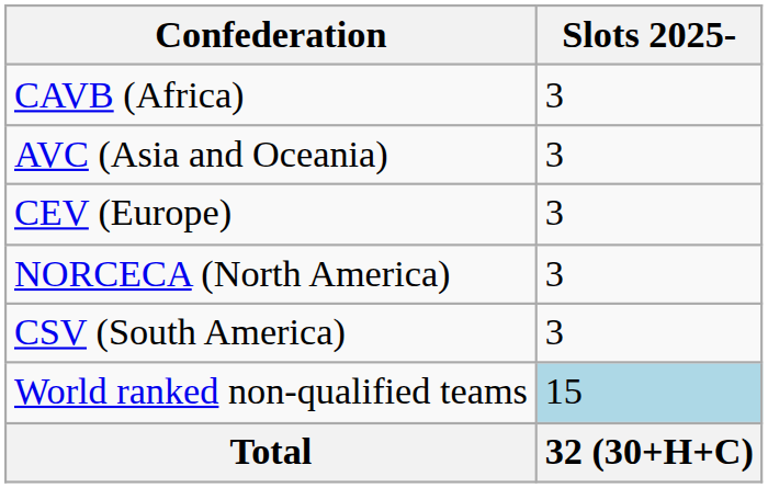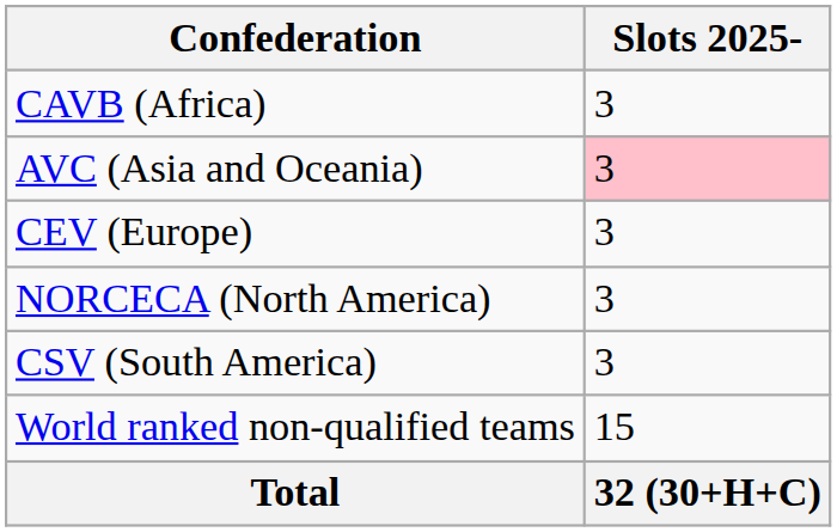 <table class="wikitable">
 <tr>
 <th>Confederation</th>
 <th>Slots 2025-</th>
 </tr>
 <tr>
 <td style="text-align:left;"><a href='#'>CAVB</a> (Africa)</td>
 <td>3</td>
 </tr>
 <tr>
 <td style="text-align:left;"><a href='#'>AVC</a> (Asia and Oceania)</td>
-<td>3</td>
+<td style="background: pink;">3</td>
 </tr>
 <tr>
 <td style="text-align:left;"><a href='#'>CEV</a> (Europe)</td>
 <td>3</td>
 </tr>
 <tr>
 <td style="text-align:left;"><a href='#'>NORCECA</a> (North America)</td>
 <td>3</td>
 </tr>
 <tr>
 <td style="text-align:left;"><a href='#'>CSV</a> (South America)</td>
 <td>3</td>
 </tr>
 <tr>
 <td style="text-align:left;"><a href='#'>World ranked</a> non-qualified teams</td>
-<td style="background: lightblue;">15</td>
+<td>15</td>
 </tr>
 <tr>
 <th>Total</th>
 <th>32 (30+H+C)</th>
 </tr>
 </table>
